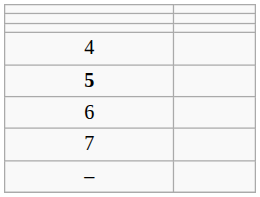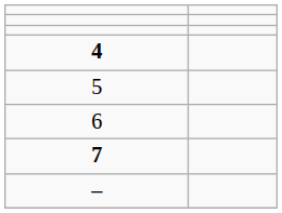 <table class="wikitable" width="200px">
 <tr>
 <td align=center></td>
 <td></td>
 </tr>
 <tr>
 <td align=center></td>
 <td></td>
 </tr>
 <tr>
 <td align=center></td>
 <td></td>
 </tr>
 <tr>
-<td align=center>4</td>
+<td align=center><strong>4</strong></td>
 <td></td>
 </tr>
 <tr>
-<td align=center><strong>5</strong></td>
+<td align=center>5</td>
 <td></td>
 </tr>
 <tr>
 <td align=center>6</td>
 <td></td>
 </tr>
 <tr>
-<td align=center>7</td>
+<td align=center><strong>7</strong></td>
 <td></td>
 </tr>
 <tr>
 <td align=center>–</td>
 <td></td>
 </tr>
 <tr>
 </tr>
 </table>
